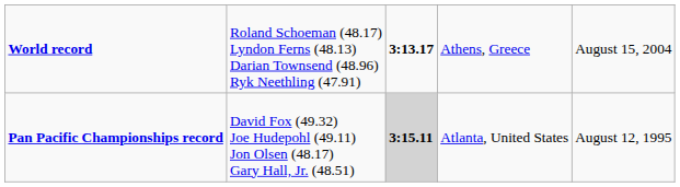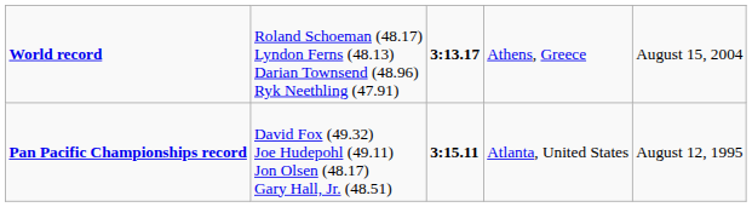 <table class="wikitable">
 <tr>
 <td><strong><a href='#'>World record</a></strong></td>
 <td><br><a href='#'>Roland Schoeman</a> (48.17)<br><a href='#'>Lyndon Ferns</a> (48.13)<br><a href='#'>Darian Townsend</a> (48.96)<br><a href='#'>Ryk Neethling</a> (47.91)</td>
 <td><strong>3:13.17</strong></td>
 <td><a href='#'>Athens</a>, <a href='#'>Greece</a></td>
 <td>August 15, 2004</td>
 </tr>
 <tr>
 <td><strong><a href='#'>Pan Pacific Championships record</a></strong></td>
 <td><br><a href='#'>David Fox</a> (49.32)<br><a href='#'>Joe Hudepohl</a> (49.11)<br><a href='#'>Jon Olsen</a> (48.17)<br><a href='#'>Gary Hall, Jr.</a> (48.51)</td>
-<td style="background: lightgrey;"><strong>3:15.11</strong></td>
+<td><strong>3:15.11</strong></td>
 <td><a href='#'>Atlanta</a>, United States</td>
 <td>August 12, 1995</td>
 </tr>
 </table>
